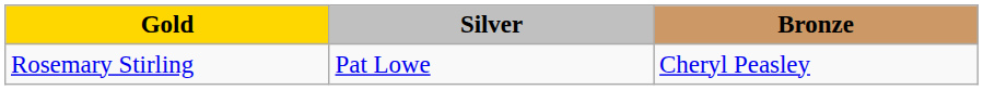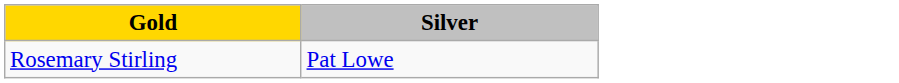 <table class="wikitable" style="text-align:left;">
 <tr>
 <th scope=col style="background-color:gold; width:200px;">Gold</th>
 <th scope=col style="background-color:silver; width:200px;">Silver</th>
-<th scope=col style="background-color:#cc9966; width:200px;">Bronze</th>
 </tr>
 <tr>
 <td><a href='#'>Rosemary Stirling</a><br><em></em></td>
 <td><a href='#'>Pat Lowe</a><br><em></em></td>
-<td><a href='#'>Cheryl Peasley</a><br><em></em></td>
 </tr>
 </table>
